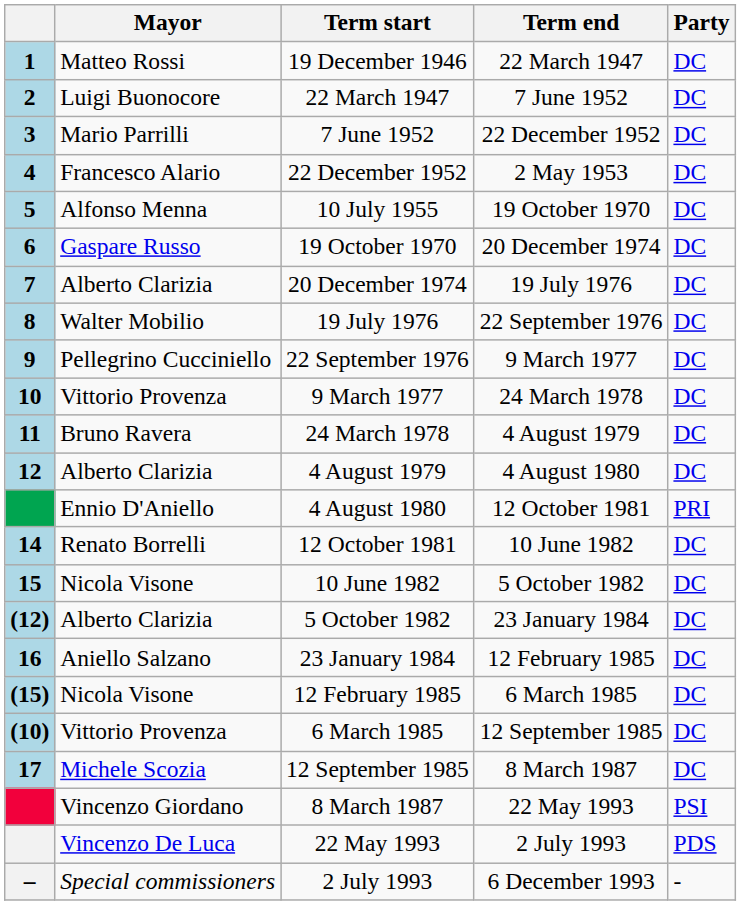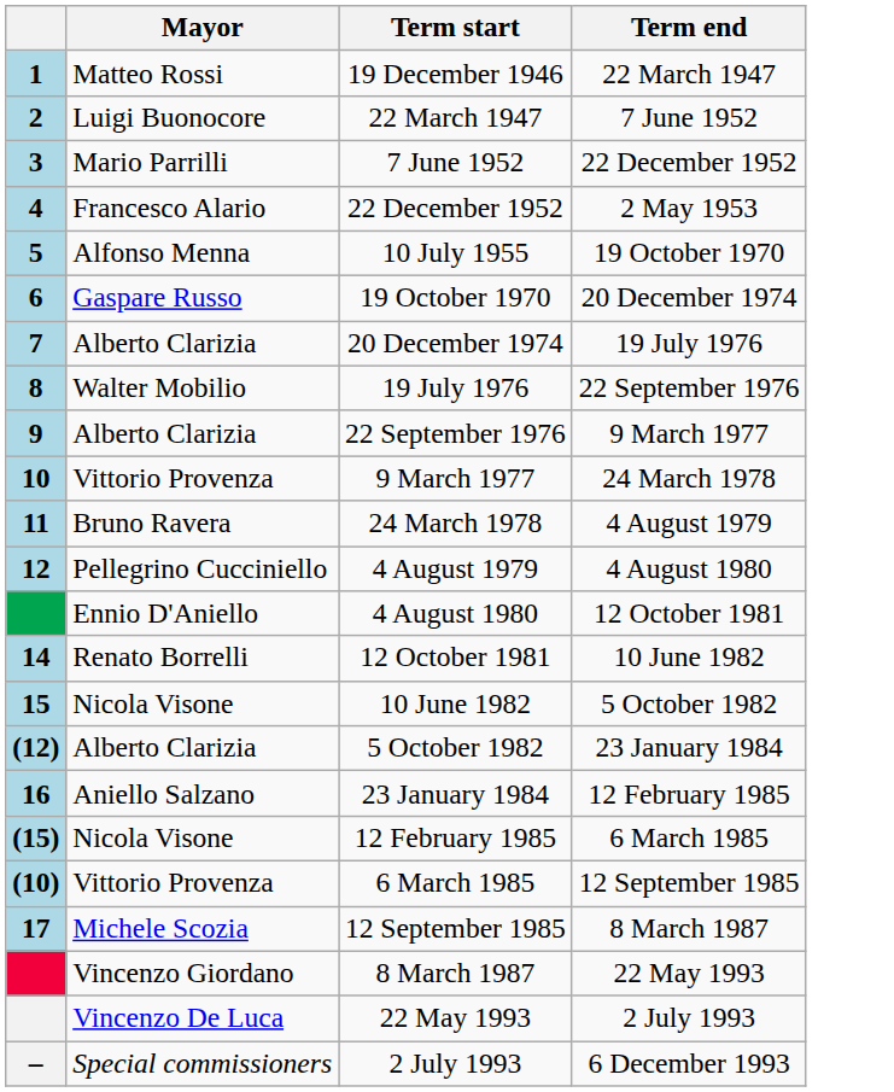 <table class="wikitable">
 <tr>
 <th class=unsortable> </th>
 <th>Mayor</th>
 <th>Term start</th>
 <th>Term end</th>
-<th>Party</th>
 </tr>
 <tr>
 <th style="background:#ADD8E6;">1</th>
 <td>Matteo Rossi</td>
 <td align=center>19 December 1946</td>
 <td align=center>22 March 1947</td>
-<td><a href='#'>DC</a></td>
 </tr>
 <tr>
 <th style="background:#ADD8E6;">2</th>
 <td>Luigi Buonocore</td>
 <td align=center>22 March 1947</td>
 <td align=center>7 June 1952</td>
-<td><a href='#'>DC</a></td>
 </tr>
 <tr>
 <th style="background:#ADD8E6;">3</th>
 <td>Mario Parrilli</td>
 <td align=center>7 June 1952</td>
 <td align=center>22 December 1952</td>
-<td><a href='#'>DC</a></td>
 </tr>
 <tr>
 <th style="background:#ADD8E6;">4</th>
 <td>Francesco Alario</td>
 <td align=center>22 December 1952</td>
 <td align=center>2 May 1953</td>
-<td><a href='#'>DC</a></td>
 </tr>
 <tr>
 <th style="background:#ADD8E6;">5</th>
 <td>Alfonso Menna</td>
 <td align=center>10 July 1955</td>
 <td align=center>19 October 1970</td>
-<td><a href='#'>DC</a></td>
 </tr>
 <tr>
 <th style="background:#ADD8E6;">6</th>
 <td><a href='#'>Gaspare Russo</a></td>
 <td align=center>19 October 1970</td>
 <td align=center>20 December 1974</td>
-<td><a href='#'>DC</a></td>
 </tr>
 <tr>
 <th style="background:#ADD8E6;">7</th>
 <td>Alberto Clarizia</td>
 <td align=center>20 December 1974</td>
 <td align=center>19 July 1976</td>
-<td><a href='#'>DC</a></td>
 </tr>
 <tr>
 <th style="background:#ADD8E6;">8</th>
 <td>Walter Mobilio</td>
 <td align=center>19 July 1976</td>
 <td align=center>22 September 1976</td>
-<td><a href='#'>DC</a></td>
 </tr>
 <tr>
 <th style="background:#ADD8E6;">9</th>
-<td>Pellegrino Cucciniello</td>
+<td>Alberto Clarizia</td>
 <td align=center>22 September 1976</td>
 <td align=center>9 March 1977</td>
-<td><a href='#'>DC</a></td>
 </tr>
 <tr>
 <th style="background:#ADD8E6;">10</th>
 <td>Vittorio Provenza</td>
 <td align=center>9 March 1977</td>
 <td align=center>24 March 1978</td>
-<td><a href='#'>DC</a></td>
 </tr>
 <tr>
 <th style="background:#ADD8E6;">11</th>
 <td>Bruno Ravera</td>
 <td align=center>24 March 1978</td>
 <td align=center>4 August 1979</td>
-<td><a href='#'>DC</a></td>
 </tr>
 <tr>
 <th style="background:#ADD8E6;">12</th>
-<td>Alberto Clarizia</td>
+<td>Pellegrino Cucciniello</td>
 <td align=center>4 August 1979</td>
 <td align=center>4 August 1980</td>
-<td><a href='#'>DC</a></td>
 </tr>
 <tr>
 <th style="background:#00A550;"></th>
 <td>Ennio D'Aniello</td>
 <td align=center>4 August 1980</td>
 <td align=center>12 October 1981</td>
-<td><a href='#'>PRI</a></td>
 </tr>
 <tr>
 <th style="background:#ADD8E6;">14</th>
 <td>Renato Borrelli</td>
 <td align=center>12 October 1981</td>
 <td align=center>10 June 1982</td>
-<td><a href='#'>DC</a></td>
 </tr>
 <tr>
 <th style="background:#ADD8E6;">15</th>
 <td>Nicola Visone</td>
 <td align=center>10 June 1982</td>
 <td align=center>5 October 1982</td>
-<td><a href='#'>DC</a></td>
 </tr>
 <tr>
 <th style="background:#ADD8E6;">(12)</th>
 <td>Alberto Clarizia</td>
 <td align=center>5 October 1982</td>
 <td align=center>23 January 1984</td>
-<td><a href='#'>DC</a></td>
 </tr>
 <tr>
 <th style="background:#ADD8E6;">16</th>
 <td>Aniello Salzano</td>
 <td align=center>23 January 1984</td>
 <td align=center>12 February 1985</td>
-<td><a href='#'>DC</a></td>
 </tr>
 <tr>
 <th style="background:#ADD8E6;">(15)</th>
 <td>Nicola Visone</td>
 <td align=center>12 February 1985</td>
 <td align=center>6 March 1985</td>
-<td><a href='#'>DC</a></td>
 </tr>
 <tr>
 <th style="background:#ADD8E6;">(10)</th>
 <td>Vittorio Provenza</td>
 <td align=center>6 March 1985</td>
 <td align=center>12 September 1985</td>
-<td><a href='#'>DC</a></td>
 </tr>
 <tr>
 <th style="background:#ADD8E6;">17</th>
 <td><a href='#'>Michele Scozia</a></td>
 <td align=center>12 September 1985</td>
 <td align=center>8 March 1987</td>
-<td><a href='#'>DC</a></td>
 </tr>
 <tr>
 <th style="background:#F2003C;"></th>
 <td>Vincenzo Giordano</td>
 <td align=center>8 March 1987</td>
 <td align=center>22 May 1993</td>
-<td><a href='#'>PSI</a></td>
 </tr>
 <tr>
 <th style="background:"></th>
 <td><a href='#'>Vincenzo De Luca</a></td>
 <td align=center>22 May 1993</td>
 <td align=center>2 July 1993</td>
-<td><a href='#'>PDS</a></td>
 </tr>
 <tr>
 <th style="background:; color:black">–</th>
 <td><em>Special commissioners</em></td>
 <td align=center>2 July 1993</td>
 <td align=center>6 December 1993</td>
-<td>-</td>
 </tr>
 </table>
